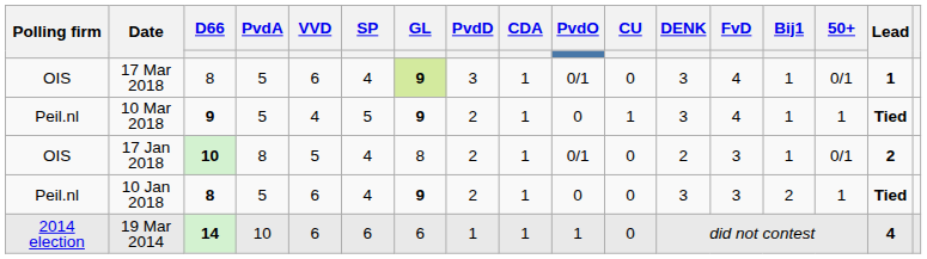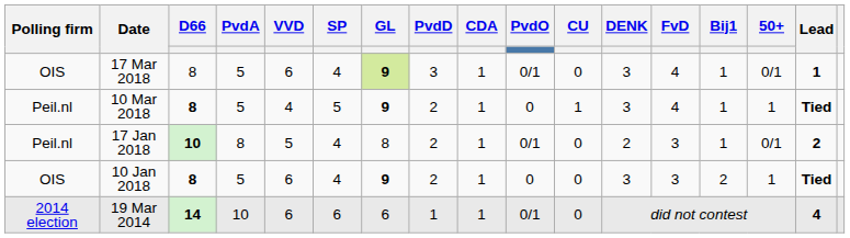 <table class="wikitable sortable" style="text-align:center;font-size:90%;line-height:14px;">
 <tr style="height:40px;">
 <th style="width:85px;" rowspan="2">Polling firm</th>
 <th style="width:60px;" rowspan="2">Date</th>
 <th class="unsortable" style="width:40px;"><a href='#'>D66</a></th>
 <th class="unsortable" style="width:40px;"><a href='#'>PvdA</a></th>
 <th class="unsortable" style="width:40px;"><a href='#'>VVD</a></th>
 <th class="unsortable" style="width:40px;"><a href='#'>SP</a></th>
 <th class="unsortable" style="width:40px;"><a href='#'>GL</a></th>
 <th class="unsortable" style="width:40px;"><a href='#'>PvdD</a></th>
 <th class="unsortable" style="width:40px;"><a href='#'>CDA</a></th>
 <th class="unsortable" style="width:40px;"><a href='#'>PvdO</a></th>
 <th class="unsortable" style="width:40px;"><a href='#'>CU</a></th>
 <th class="unsortable" style="width:40px;"><a href='#'>DENK</a></th>
 <th class="unsortable" style="width:40px;"><a href='#'>FvD</a></th>
 <th class="unsortable" style="width:40px;"><a href='#'>Bij1</a></th>
 <th class="unsortable" style="width:40px;"><a href='#'>50+</a></th>
 <th style="width:30px;" rowspan="2">Lead</th>
 <th class="unsortable" rowspan="2"></th>
 </tr>
 <tr>
 <th style="background:"></th>
 <th style="background:"></th>
 <th style="background:"></th>
 <th style="background:"></th>
 <th style="background:"></th>
 <th style="background:"></th>
 <th style="background:"></th>
 <th style="background:#4878a8;"></th>
 <th style="background:"></th>
 <th style="background:"></th>
 <th style="background:"></th>
 <th style="background:"></th>
 <th style="background:"></th>
 </tr>
 <tr>
 <td>OIS</td>
 <td>17 Mar 2018</td>
 <td>8</td>
 <td>5</td>
 <td>6</td>
 <td>4</td>
 <td style="background:#d3ea9e"><strong>9</strong></td>
 <td>3</td>
 <td>1</td>
 <td>0/1</td>
 <td>0</td>
 <td>3</td>
 <td>4</td>
 <td>1</td>
 <td>0/1</td>
 <td style="background:"><strong>1</strong></td>
 <td></td>
 </tr>
 <tr>
 <td>Peil.nl</td>
 <td>10 Mar 2018</td>
-<td><strong>9</strong></td>
+<td><strong>8</strong></td>
 <td>5</td>
 <td>4</td>
 <td>5</td>
 <td><strong>9</strong></td>
 <td>2</td>
 <td>1</td>
 <td>0</td>
 <td>1</td>
 <td>3</td>
 <td>4</td>
 <td>1</td>
 <td>1</td>
 <td><strong>Tied</strong></td>
 <td></td>
 </tr>
 <tr>
-<td>OIS</td>
+<td>Peil.nl</td>
 <td>17 Jan 2018</td>
 <td style="background:#D3F2D0"><strong>10</strong></td>
 <td>8</td>
 <td>5</td>
 <td>4</td>
 <td>8</td>
 <td>2</td>
 <td>1</td>
 <td>0/1</td>
 <td>0</td>
 <td>2</td>
 <td>3</td>
 <td>1</td>
 <td>0/1</td>
 <td style="background:"><strong>2</strong></td>
 <td></td>
 </tr>
 <tr>
-<td>Peil.nl</td>
+<td>OIS</td>
 <td>10 Jan 2018</td>
 <td><strong>8</strong></td>
 <td>5</td>
 <td>6</td>
 <td>4</td>
 <td><strong>9</strong></td>
 <td>2</td>
 <td>1</td>
 <td>0</td>
 <td>0</td>
 <td>3</td>
 <td>3</td>
 <td>2</td>
 <td>1</td>
 <td><strong>Tied</strong></td>
 <td></td>
 </tr>
 <tr style="background-color:#E9E9E9">
 <td><a href='#'>2014 election</a></td>
 <td>19 Mar 2014</td>
 <td style="background:#D3F2D0"><strong>14</strong></td>
 <td>10</td>
 <td>6</td>
 <td>6</td>
 <td>6</td>
 <td>1</td>
 <td>1</td>
-<td>1</td>
+<td>0/1</td>
 <td>0</td>
 <td colspan=4><em>did not contest</em></td>
 <td style="background:"><strong>4</strong></td>
 <td></td>
 </tr>
 </table>
